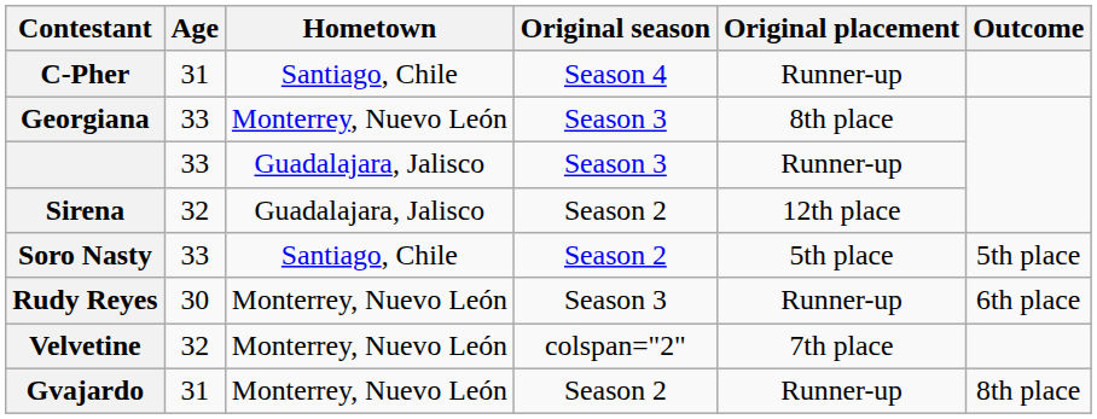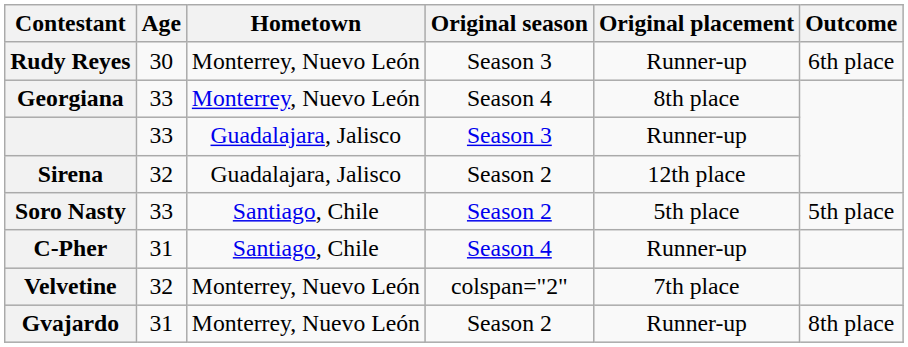 <table class="wikitable sortable" style="text-align:center;">
 <tr>
 <th scope="col">Contestant</th>
 <th scope="col">Age</th>
 <th scope="col">Hometown</th>
 <th scope="col">Original season</th>
 <th scope="col">Original placement</th>
 <th scope="col">Outcome</th>
 </tr>
 <tr>
-<th scope="row">C-Pher</th>
-<td>31</td>
-<td><a href='#'>Santiago</a>, Chile</td>
-<td><a href='#'>Season 4</a></td>
+<th scope="row">Rudy Reyes</th>
+<td>30</td>
+<td>Monterrey, Nuevo León</td>
+<td>Season 3</td>
 <td>Runner-up</td>
-<td></td>
+<td>6th place</td>
 </tr>
 <tr>
 <th scope="row">Georgiana</th>
 <td>33</td>
 <td nowrap=""><a href='#'>Monterrey</a>, Nuevo León</td>
-<td><a href='#'>Season 3</a></td>
+<td>Season 4</td>
 <td>8th place</td>
 <td rowspan="3"></td>
 </tr>
 <tr>
 <th scope="row"></th>
 <td>33</td>
 <td><a href='#'>Guadalajara</a>, Jalisco</td>
 <td><a href='#'>Season 3</a></td>
 <td>Runner-up</td>
 </tr>
 <tr>
 <th scope="row">Sirena</th>
 <td>32</td>
 <td>Guadalajara, Jalisco</td>
 <td>Season 2</td>
 <td>12th place</td>
 </tr>
 <tr>
 <th scope="row">Soro Nasty</th>
 <td>33</td>
 <td><a href='#'>Santiago</a>, Chile</td>
 <td><a href='#'>Season 2</a></td>
 <td>5th place</td>
 <td>5th place</td>
 </tr>
 <tr>
-<th scope="row">Rudy Reyes</th>
-<td>30</td>
-<td>Monterrey, Nuevo León</td>
-<td>Season 3</td>
+<th scope="row">C-Pher</th>
+<td>31</td>
+<td><a href='#'>Santiago</a>, Chile</td>
+<td><a href='#'>Season 4</a></td>
 <td>Runner-up</td>
-<td>6th place</td>
+<td></td>
 </tr>
 <tr>
 <th scope="row">Velvetine</th>
 <td>32</td>
 <td>Monterrey, Nuevo León</td>
 <td>colspan="2" </td>
 <td>7th place</td>
 </tr>
 <tr>
 <th scope="row">Gvajardo</th>
 <td>31</td>
 <td>Monterrey, Nuevo León</td>
 <td>Season 2</td>
 <td>Runner-up</td>
 <td>8th place</td>
 </tr>
 </table>
